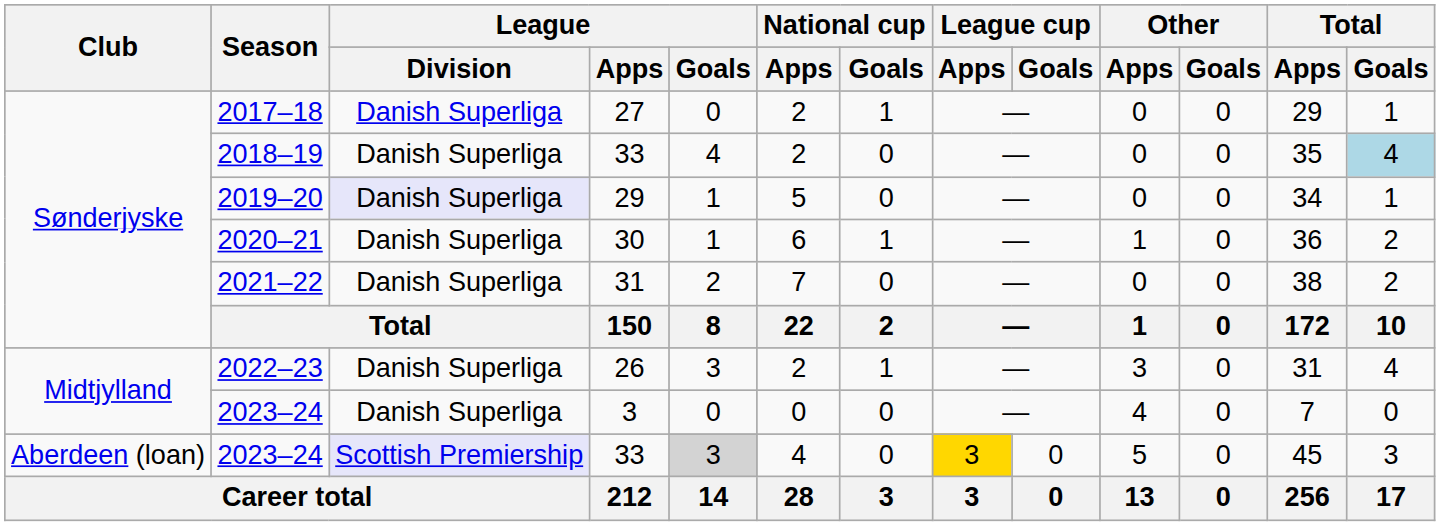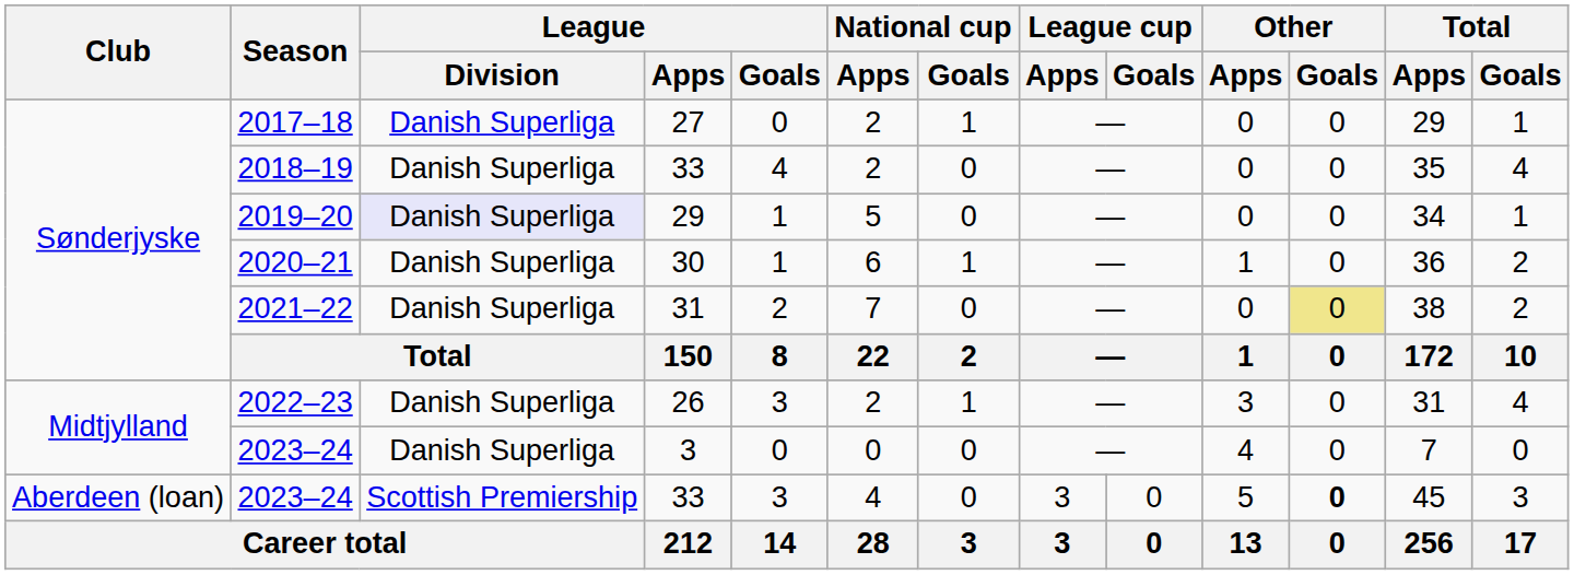 <table class="wikitable" style="text-align: center;">
 <tr>
 <th rowspan="2">Club</th>
 <th rowspan="2">Season</th>
 <th colspan="3">League</th>
 <th colspan="2">National cup</th>
 <th colspan="2">League cup</th>
 <th colspan="2">Other</th>
 <th colspan="2">Total</th>
 </tr>
 <tr>
 <th>Division</th>
 <th>Apps</th>
 <th>Goals</th>
 <th>Apps</th>
 <th>Goals</th>
 <th>Apps</th>
 <th>Goals</th>
 <th>Apps</th>
 <th>Goals</th>
 <th>Apps</th>
 <th>Goals</th>
 </tr>
 <tr>
 <td rowspan="6"><a href='#'>Sønderjyske</a></td>
 <td><a href='#'>2017–18</a></td>
 <td><a href='#'>Danish Superliga</a></td>
 <td>27</td>
 <td>0</td>
 <td>2</td>
 <td>1</td>
 <td colspan="2">—</td>
 <td>0</td>
 <td>0</td>
 <td>29</td>
 <td>1</td>
 </tr>
 <tr>
 <td><a href='#'>2018–19</a></td>
 <td>Danish Superliga</td>
 <td>33</td>
 <td>4</td>
 <td>2</td>
 <td>0</td>
 <td colspan="2">—</td>
 <td>0</td>
 <td>0</td>
 <td>35</td>
-<td style="background: lightblue;">4</td>
+<td>4</td>
 </tr>
 <tr>
 <td><a href='#'>2019–20</a></td>
 <td style="background: lavender;">Danish Superliga</td>
 <td>29</td>
 <td>1</td>
 <td>5</td>
 <td>0</td>
 <td colspan="2">—</td>
 <td>0</td>
 <td>0</td>
 <td>34</td>
 <td>1</td>
 </tr>
 <tr>
 <td><a href='#'>2020–21</a></td>
 <td>Danish Superliga</td>
 <td>30</td>
 <td>1</td>
 <td>6</td>
 <td>1</td>
 <td colspan="2">—</td>
 <td>1</td>
 <td>0</td>
 <td>36</td>
 <td>2</td>
 </tr>
 <tr>
 <td><a href='#'>2021–22</a></td>
 <td>Danish Superliga</td>
 <td>31</td>
 <td>2</td>
 <td>7</td>
 <td>0</td>
 <td colspan="2">—</td>
 <td>0</td>
-<td>0</td>
+<td style="background: khaki;">0</td>
 <td>38</td>
 <td>2</td>
 </tr>
 <tr>
 <th colspan="2">Total</th>
 <th>150</th>
 <th>8</th>
 <th>22</th>
 <th>2</th>
 <th colspan="2">—</th>
 <th>1</th>
 <th>0</th>
 <th>172</th>
 <th>10</th>
 </tr>
 <tr>
 <td rowspan="2"><a href='#'>Midtjylland</a></td>
 <td><a href='#'>2022–23</a></td>
 <td>Danish Superliga</td>
 <td>26</td>
 <td>3</td>
 <td>2</td>
 <td>1</td>
 <td colspan="2">—</td>
 <td>3</td>
 <td>0</td>
 <td>31</td>
 <td>4</td>
 </tr>
 <tr>
 <td><a href='#'>2023–24</a></td>
 <td>Danish Superliga</td>
 <td>3</td>
 <td>0</td>
 <td>0</td>
 <td>0</td>
 <td colspan="2">—</td>
 <td>4</td>
 <td>0</td>
 <td>7</td>
 <td>0</td>
 </tr>
 <tr>
 <td><a href='#'>Aberdeen</a> (loan)</td>
 <td><a href='#'>2023–24</a></td>
-<td style="background: lavender;"><a href='#'>Scottish Premiership</a></td>
+<td><a href='#'>Scottish Premiership</a></td>
 <td>33</td>
-<td style="background: lightgrey;">3</td>
+<td>3</td>
 <td>4</td>
 <td>0</td>
-<td style="background: gold;">3</td>
+<td>3</td>
 <td>0</td>
 <td>5</td>
-<td>0</td>
+<td><strong>0</strong></td>
 <td>45</td>
 <td>3</td>
 </tr>
 <tr>
 <th colspan="3">Career total</th>
 <th>212</th>
 <th>14</th>
 <th>28</th>
 <th>3</th>
 <th>3</th>
 <th>0</th>
 <th>13</th>
 <th>0</th>
 <th>256</th>
 <th>17</th>
 </tr>
 </table>
